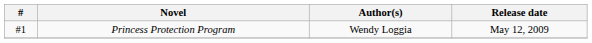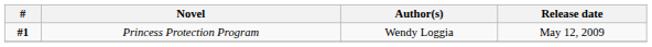 <table class="wikitable sortable" width="100%" border="1" style="font-size: 100%; text-align:center">
 <tr>
 <th>#</th>
 <th>Novel</th>
 <th>Author(s)</th>
 <th>Release date</th>
 </tr>
 <tr>
-<td>#1</td>
+<td><strong>#1</strong></td>
 <td><em>Princess Protection Program</em></td>
 <td>Wendy Loggia</td>
 <td>May 12, 2009</td>
 </tr>
 <tr>
 </tr>
 </table>
